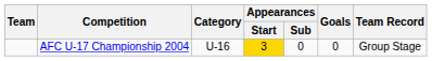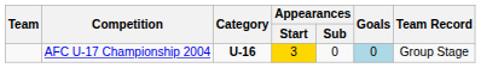 <table class="wikitable" style="text-align: center;">
 <tr>
 <th rowspan="2">Team</th>
 <th rowspan="2">Competition</th>
 <th rowspan="2">Category</th>
 <th colspan="2">Appearances</th>
 <th rowspan="2">Goals</th>
 <th rowspan="2">Team Record</th>
 </tr>
 <tr>
 <th>Start</th>
 <th>Sub</th>
 </tr>
 <tr>
 <td align="left"></td>
 <td><a href='#'>AFC U-17 Championship 2004</a></td>
-<td>U-16</td>
+<td><strong>U-16</strong></td>
 <td style="background: gold;">3</td>
 <td>0</td>
-<td>0</td>
+<td style="background: lightblue;">0</td>
 <td>Group Stage</td>
 </tr>
 </table>
